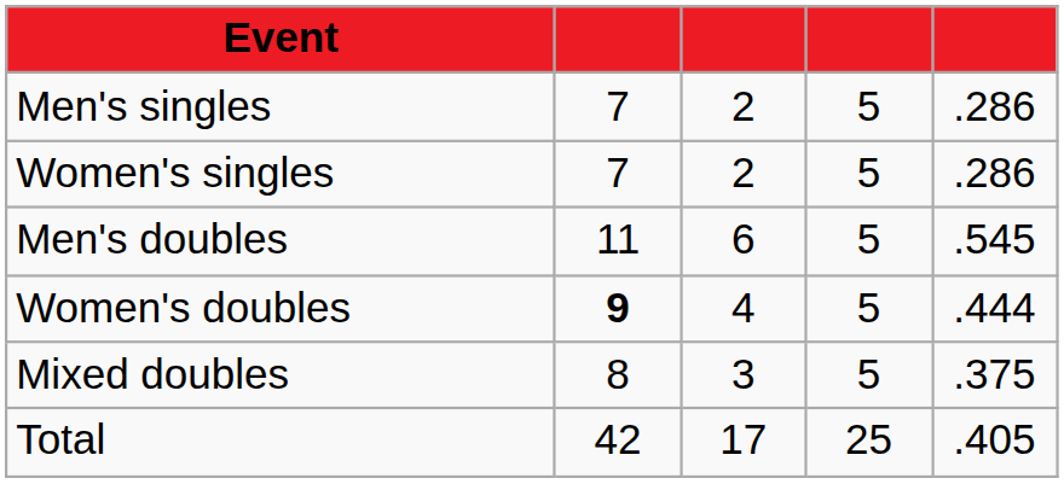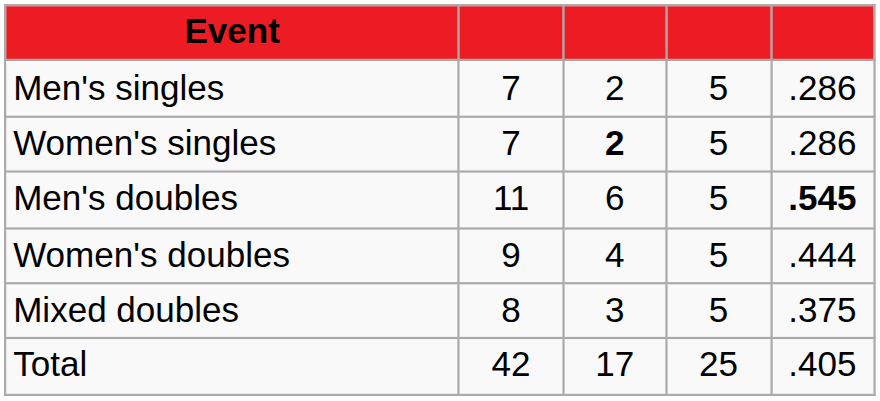 <table class="wikitable" style="text-align:center">
 <tr>
 <th style="background:#ED1C24; color:black" width="200px">Event</th>
 <th style="background:#ED1C24; color:black" width="40px"></th>
 <th style="background:#ED1C24; color:black" width="40px"></th>
 <th style="background:#ED1C24; color:black" width="40px"></th>
 <th style="background:#ED1C24; color:black" width="40px"></th>
 </tr>
 <tr>
 <td style="text-align:left">Men's singles</td>
 <td>7</td>
 <td>2</td>
 <td>5</td>
 <td>.286</td>
 </tr>
 <tr>
 <td style="text-align:left">Women's singles</td>
 <td>7</td>
-<td>2</td>
+<td><strong>2</strong></td>
 <td>5</td>
 <td>.286</td>
 </tr>
 <tr>
 <td style="text-align:left">Men's doubles</td>
 <td>11</td>
 <td>6</td>
 <td>5</td>
-<td>.545</td>
+<td><strong>.545</strong></td>
 </tr>
 <tr>
 <td style="text-align:left">Women's doubles</td>
-<td><strong>9</strong></td>
+<td>9</td>
 <td>4</td>
 <td>5</td>
 <td>.444</td>
 </tr>
 <tr>
 <td style="text-align:left">Mixed doubles</td>
 <td>8</td>
 <td>3</td>
 <td>5</td>
 <td>.375</td>
 </tr>
 <tr>
 <td style="text-align:left">Total</td>
 <td>42</td>
 <td>17</td>
 <td>25</td>
 <td>.405</td>
 </tr>
 </table>
